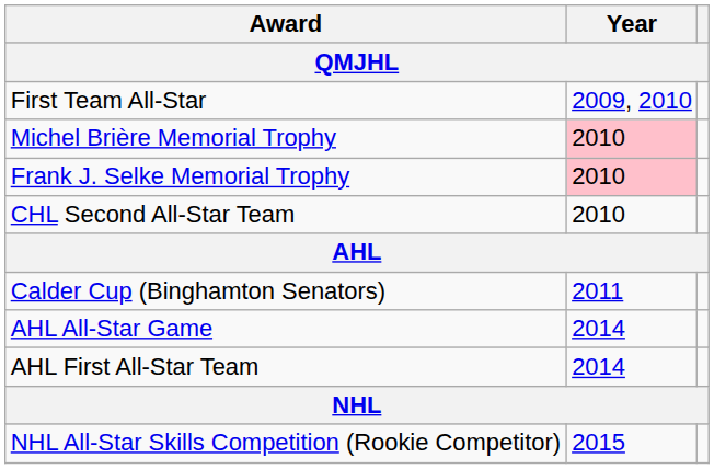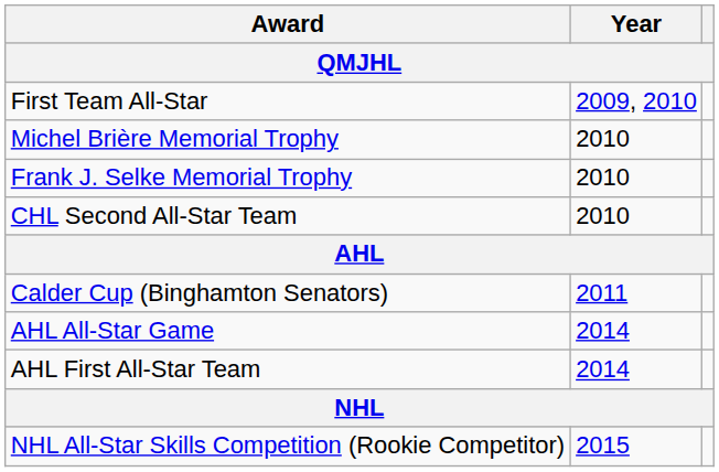 <table class="wikitable">
 <tr>
 <th>Award</th>
 <th>Year</th>
 <th></th>
 </tr>
 <tr ALIGN="center" bgcolor="#e0e0e0">
 <th colspan="3"><a href='#'>QMJHL</a></th>
 </tr>
 <tr>
 <td>First Team All-Star</td>
 <td><a href='#'>2009</a>, <a href='#'>2010</a></td>
 <td></td>
 </tr>
 <tr>
 <td><a href='#'>Michel Brière Memorial Trophy</a></td>
-<td style="background: pink;">2010</td>
+<td>2010</td>
 <td></td>
 </tr>
 <tr>
 <td><a href='#'>Frank J. Selke Memorial Trophy</a></td>
-<td style="background: pink;">2010</td>
+<td>2010</td>
 <td></td>
 </tr>
 <tr>
 <td><a href='#'>CHL</a> Second All-Star Team</td>
 <td>2010</td>
 <td></td>
 </tr>
 <tr ALIGN="center" bgcolor="#e0e0e0">
 <th colspan="3"><a href='#'>AHL</a></th>
 </tr>
 <tr>
 <td><a href='#'>Calder Cup</a> (Binghamton Senators)</td>
 <td><a href='#'>2011</a></td>
 <td></td>
 </tr>
 <tr>
 <td><a href='#'>AHL All-Star Game</a></td>
 <td><a href='#'>2014</a></td>
 <td></td>
 </tr>
 <tr>
 <td>AHL First All-Star Team</td>
 <td><a href='#'>2014</a></td>
 <td></td>
 </tr>
 <tr ALIGN="center" bgcolor="#e0e0e0">
 <th colspan="3"><a href='#'>NHL</a></th>
 </tr>
 <tr>
 <td><a href='#'>NHL All-Star Skills Competition</a> (Rookie Competitor)</td>
 <td><a href='#'>2015</a></td>
 <td></td>
 </tr>
 </table>
